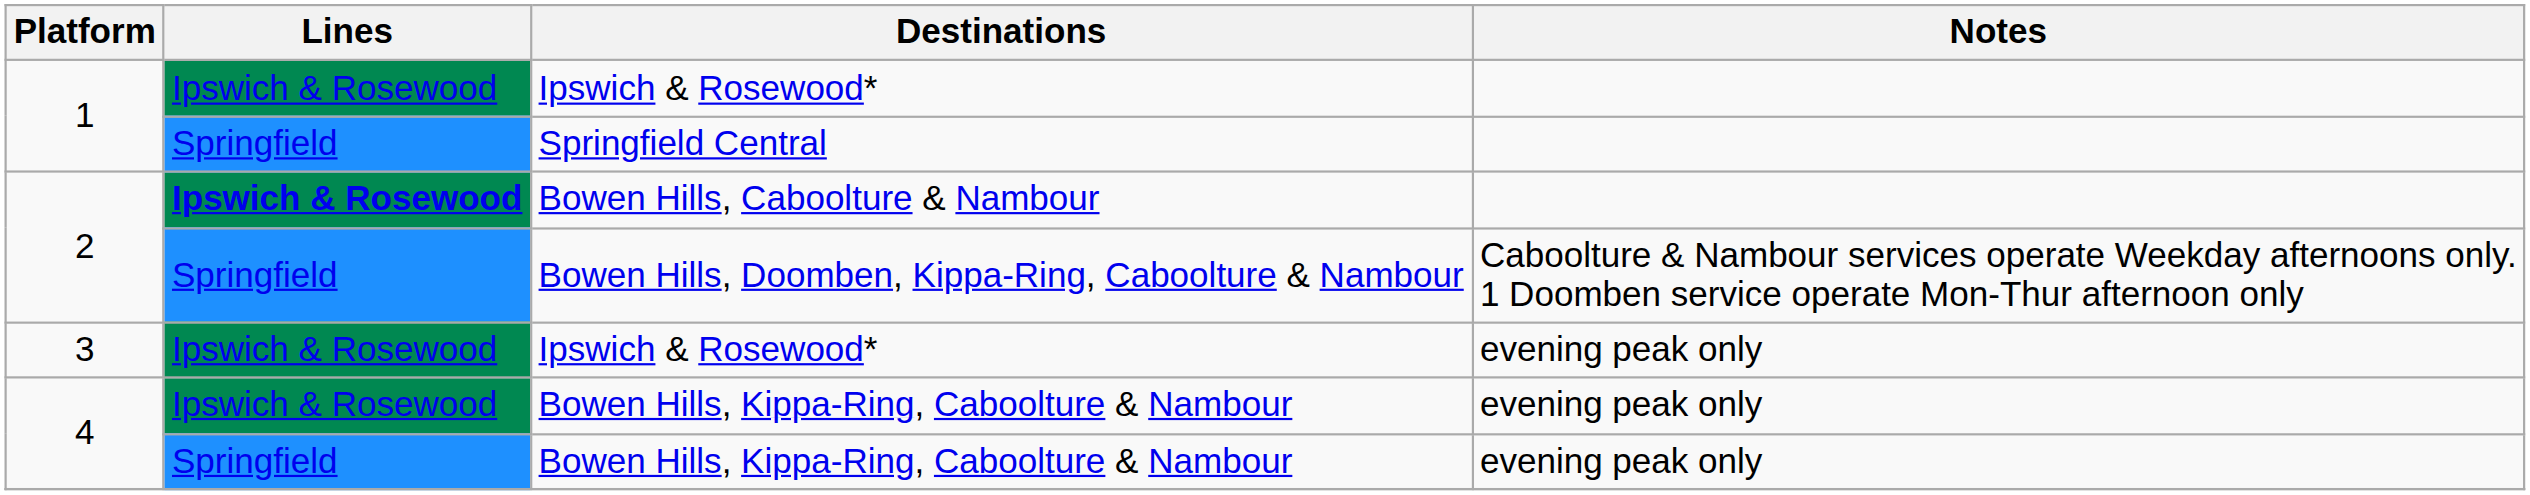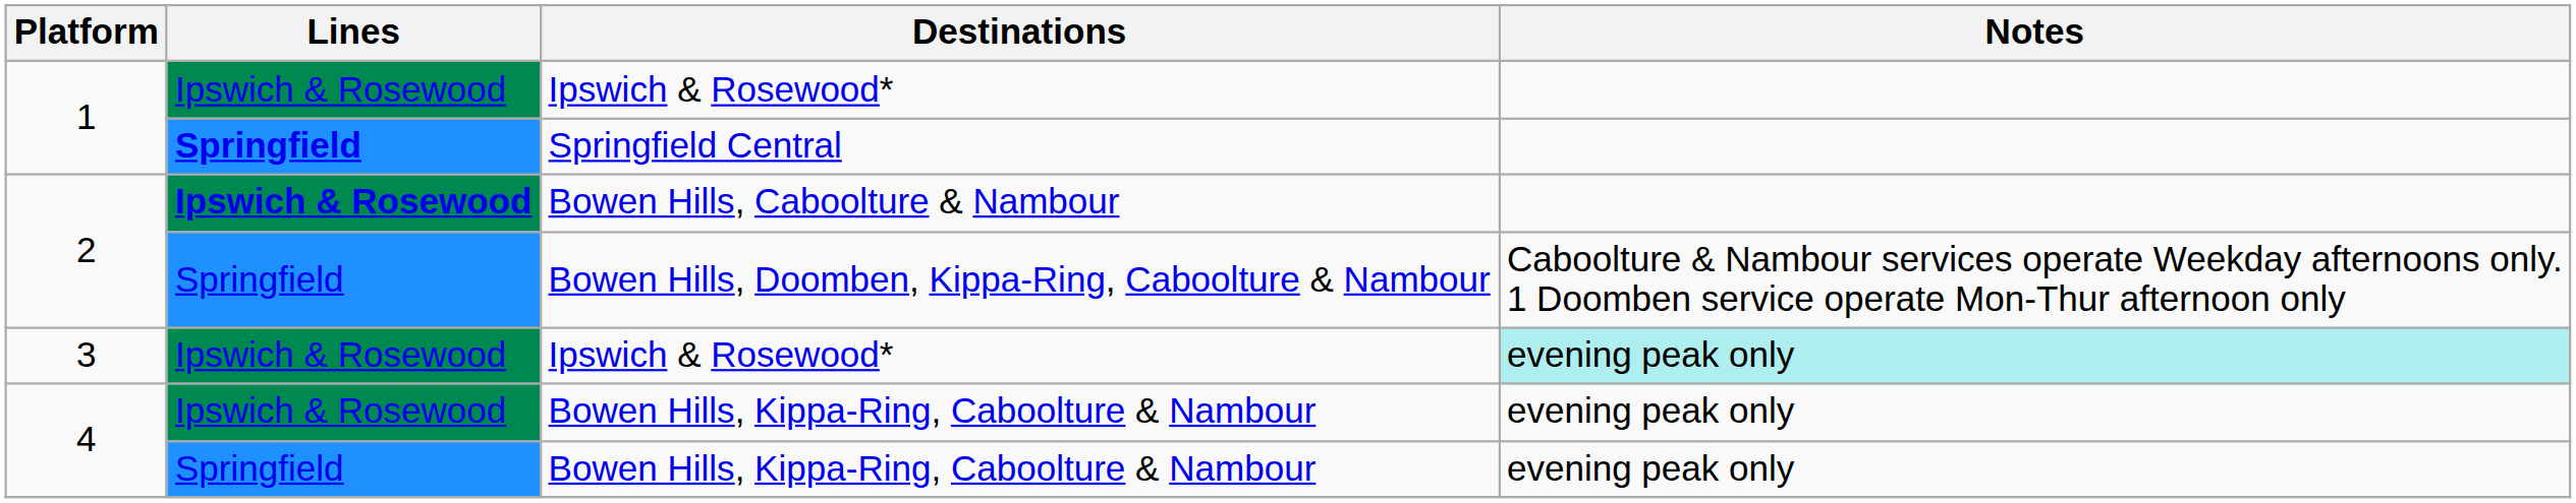 <table class="wikitable" style="float: none; margin: 0.5em; ">
 <tr>
 <th>Platform</th>
 <th>Lines</th>
 <th>Destinations</th>
 <th>Notes</th>
 </tr>
 <tr>
 <td rowspan="2" style="text-align:center;">1</td>
 <td style=background:#008851><a href='#'><span>Ipswich & Rosewood</span></a></td>
 <td><a href='#'>Ipswich</a> & <a href='#'>Rosewood</a>*</td>
 <td></td>
 </tr>
 <tr>
-<td style=background:#1e90ff><a href='#'><span>Springfield</span></a></td>
+<td style=background:#1e90ff><strong><a href='#'><span>Springfield</span></a></strong></td>
 <td><a href='#'>Springfield Central</a></td>
 <td></td>
 </tr>
 <tr>
 <td rowspan="2" style="text-align:center;">2</td>
 <td style=background:#008851><strong><a href='#'><span>Ipswich & Rosewood</span></a></strong></td>
 <td><a href='#'>Bowen Hills</a>, <a href='#'>Caboolture</a> & <a href='#'>Nambour</a></td>
 <td></td>
 </tr>
 <tr>
 <td style=background:#1e90ff><a href='#'><span>Springfield</span></a></td>
 <td><a href='#'>Bowen Hills</a>, <a href='#'>Doomben</a>, <a href='#'>Kippa-Ring</a>, <a href='#'>Caboolture</a> & <a href='#'>Nambour</a></td>
 <td>Caboolture & Nambour services operate Weekday afternoons only.<br>1 Doomben service operate Mon-Thur afternoon only</td>
 </tr>
 <tr>
 <td rowspan="1" style="text-align:center;">3</td>
 <td style=background:#008851><a href='#'><span>Ipswich & Rosewood</span></a></td>
 <td><a href='#'>Ipswich</a> & <a href='#'>Rosewood</a>*</td>
-<td>evening peak only</td>
+<td style="background: paleturquoise;">evening peak only</td>
 </tr>
 <tr>
 <td rowspan="2" style="text-align:center;">4</td>
 <td style=background:#008851><a href='#'><span>Ipswich & Rosewood</span></a></td>
 <td><a href='#'>Bowen Hills</a>, <a href='#'>Kippa-Ring</a>, <a href='#'>Caboolture</a> & <a href='#'>Nambour</a></td>
 <td>evening peak only</td>
 </tr>
 <tr>
 <td style=background:#1e90ff><a href='#'><span>Springfield</span></a></td>
 <td><a href='#'>Bowen Hills</a>, <a href='#'>Kippa-Ring</a>, <a href='#'>Caboolture</a> & <a href='#'>Nambour</a></td>
 <td>evening peak only</td>
 </tr>
 <tr>
 </tr>
 </table>
